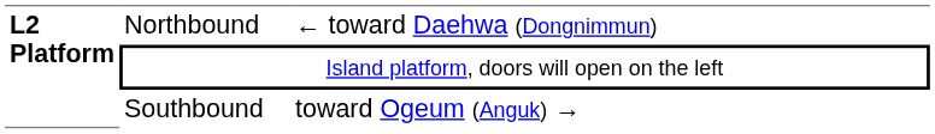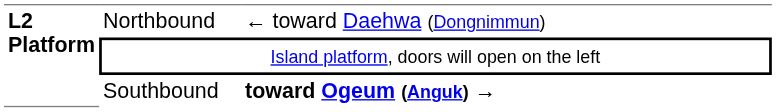 <table table border=0 cellspacing=0 cellpadding=3>
 <tr>
 <td style="border-top:solid 1px gray;border-bottom:solid 1px gray;" width=50 rowspan=10 valign=top><strong>L2<br>Platform</strong></td>
 <td style="border-bottom:solid 0px gray;border-top:solid 1px gray;" width=100>Northbound</td>
 <td style="border-bottom:solid 0px gray;border-top:solid 1px gray;" width=390>←  toward <a href='#'>Daehwa</a> <small>(<a href='#'>Dongnimmun</a>)</small></td>
 </tr>
 <tr>
 <td style="border-top:solid 2px black;border-right:solid 2px black;border-left:solid 2px black;border-bottom:solid 2px black;text-align:center;" colspan=2><small><a href='#'>Island platform</a>, doors will open on the left</small></td>
 </tr>
 <tr>
 <td>Southbound</td>
-<td>  toward <a href='#'>Ogeum</a> <small>(<a href='#'>Anguk</a>)</small> →</td>
+<td><strong>  toward <a href='#'>Ogeum</a> <small>(<a href='#'>Anguk</a>)</small> →</strong></td>
 </tr>
 </table>
